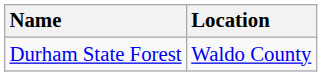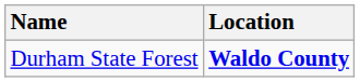 <table class="wikitable">
 <tr>
 <th style="text-align:left">Name<br></th>
 <th style="text-align:left">Location<br></th>
 </tr>
 <tr>
 <td><a href='#'>Durham State Forest</a></td>
-<td><a href='#'>Waldo County</a></td>
+<td><strong><a href='#'>Waldo County</a></strong></td>
 </tr>
 </table>
